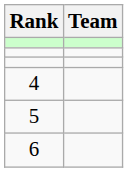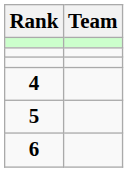 <table class="wikitable">
 <tr>
 <th>Rank</th>
 <th>Team</th>
 </tr>
 <tr bgcolor=#ccffcc>
 <td align=center></td>
 <td></td>
 </tr>
 <tr>
 <td align=center></td>
 <td></td>
 </tr>
 <tr>
 <td align=center></td>
 <td></td>
 </tr>
 <tr>
-<td align=center>4</td>
+<td align=center><strong>4</strong></td>
 <td></td>
 </tr>
 <tr>
-<td align=center>5</td>
+<td align=center><strong>5</strong></td>
 <td></td>
 </tr>
 <tr>
-<td align=center>6</td>
+<td align=center><strong>6</strong></td>
 <td></td>
 </tr>
 </table>
